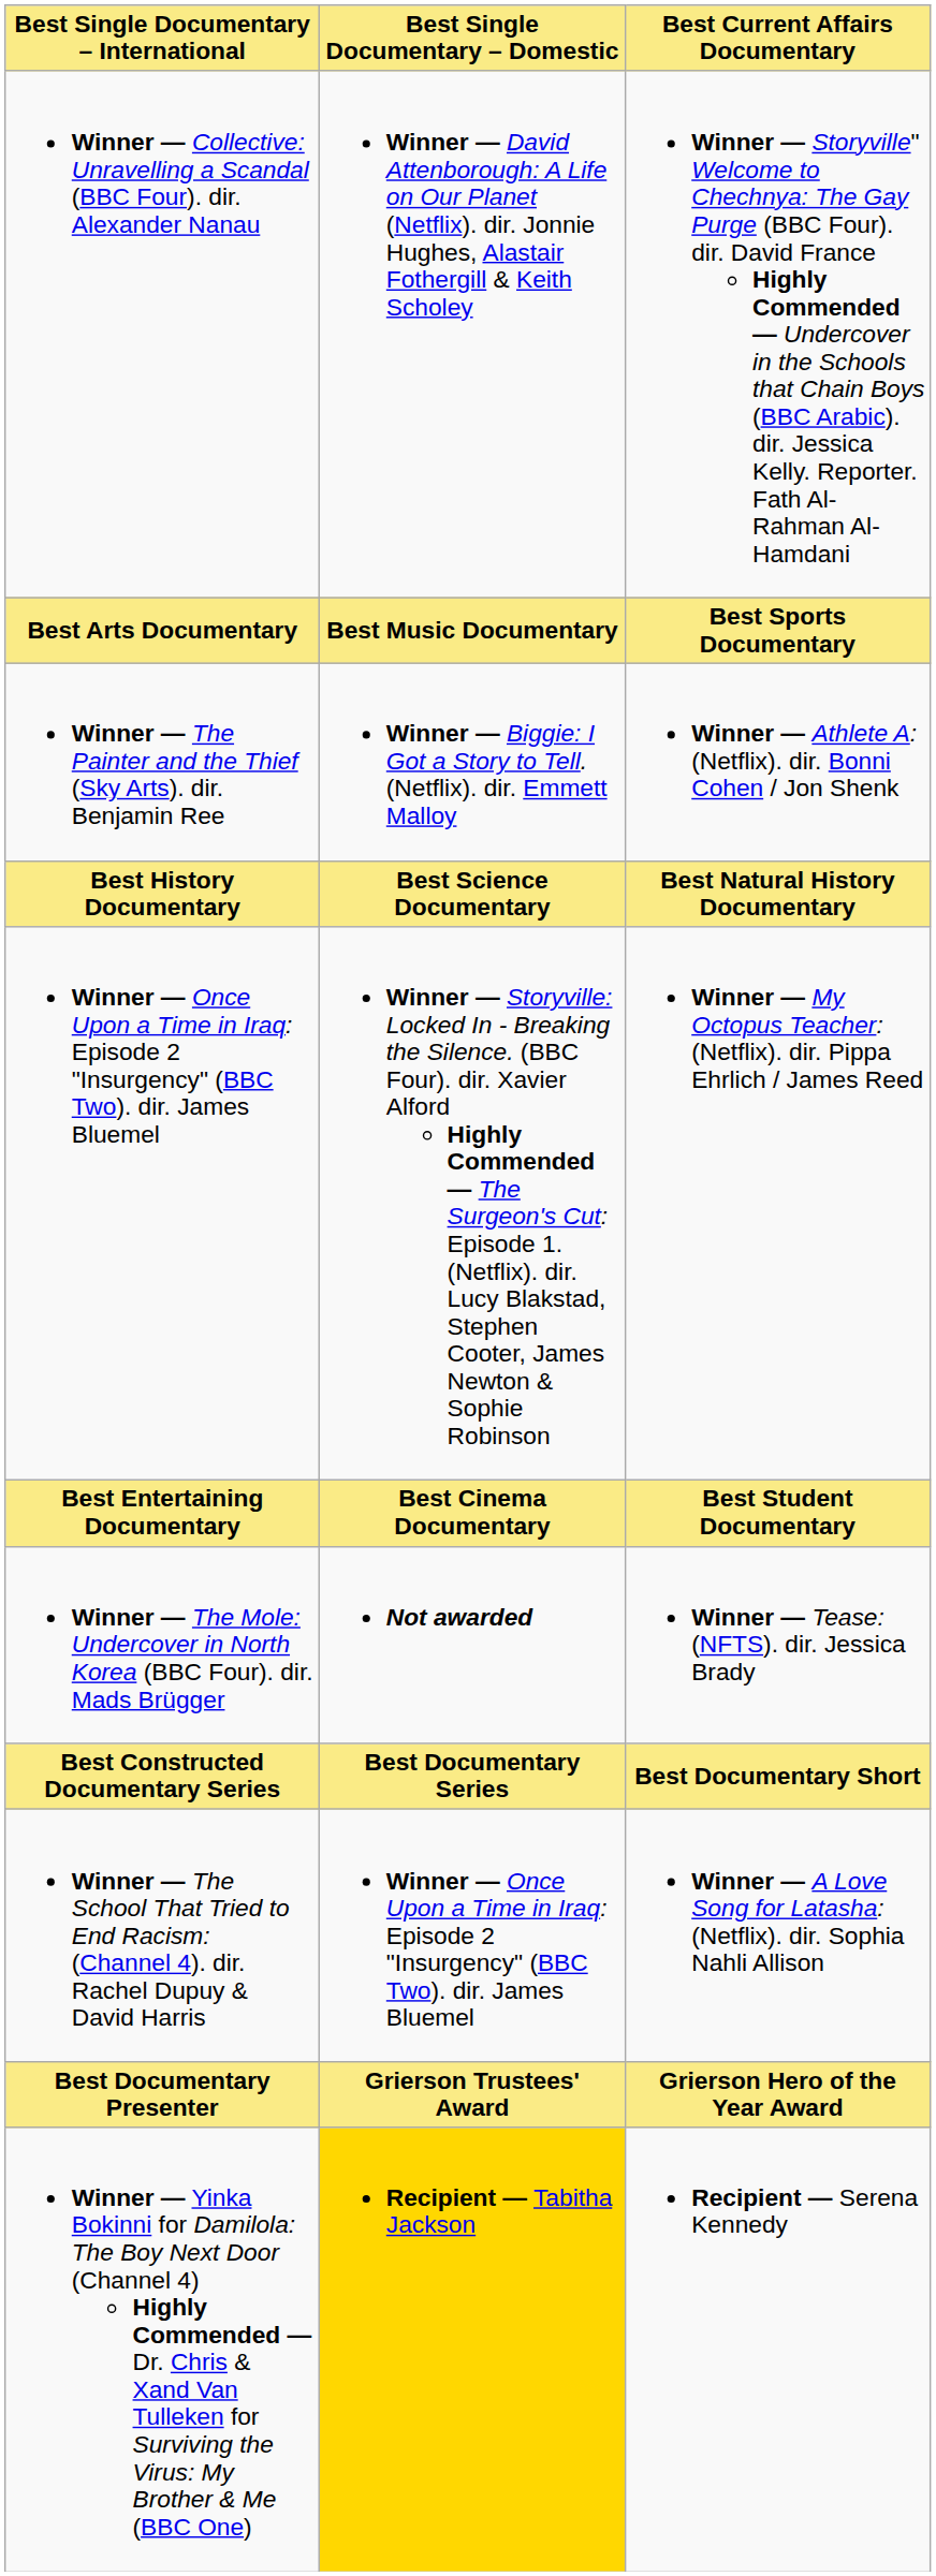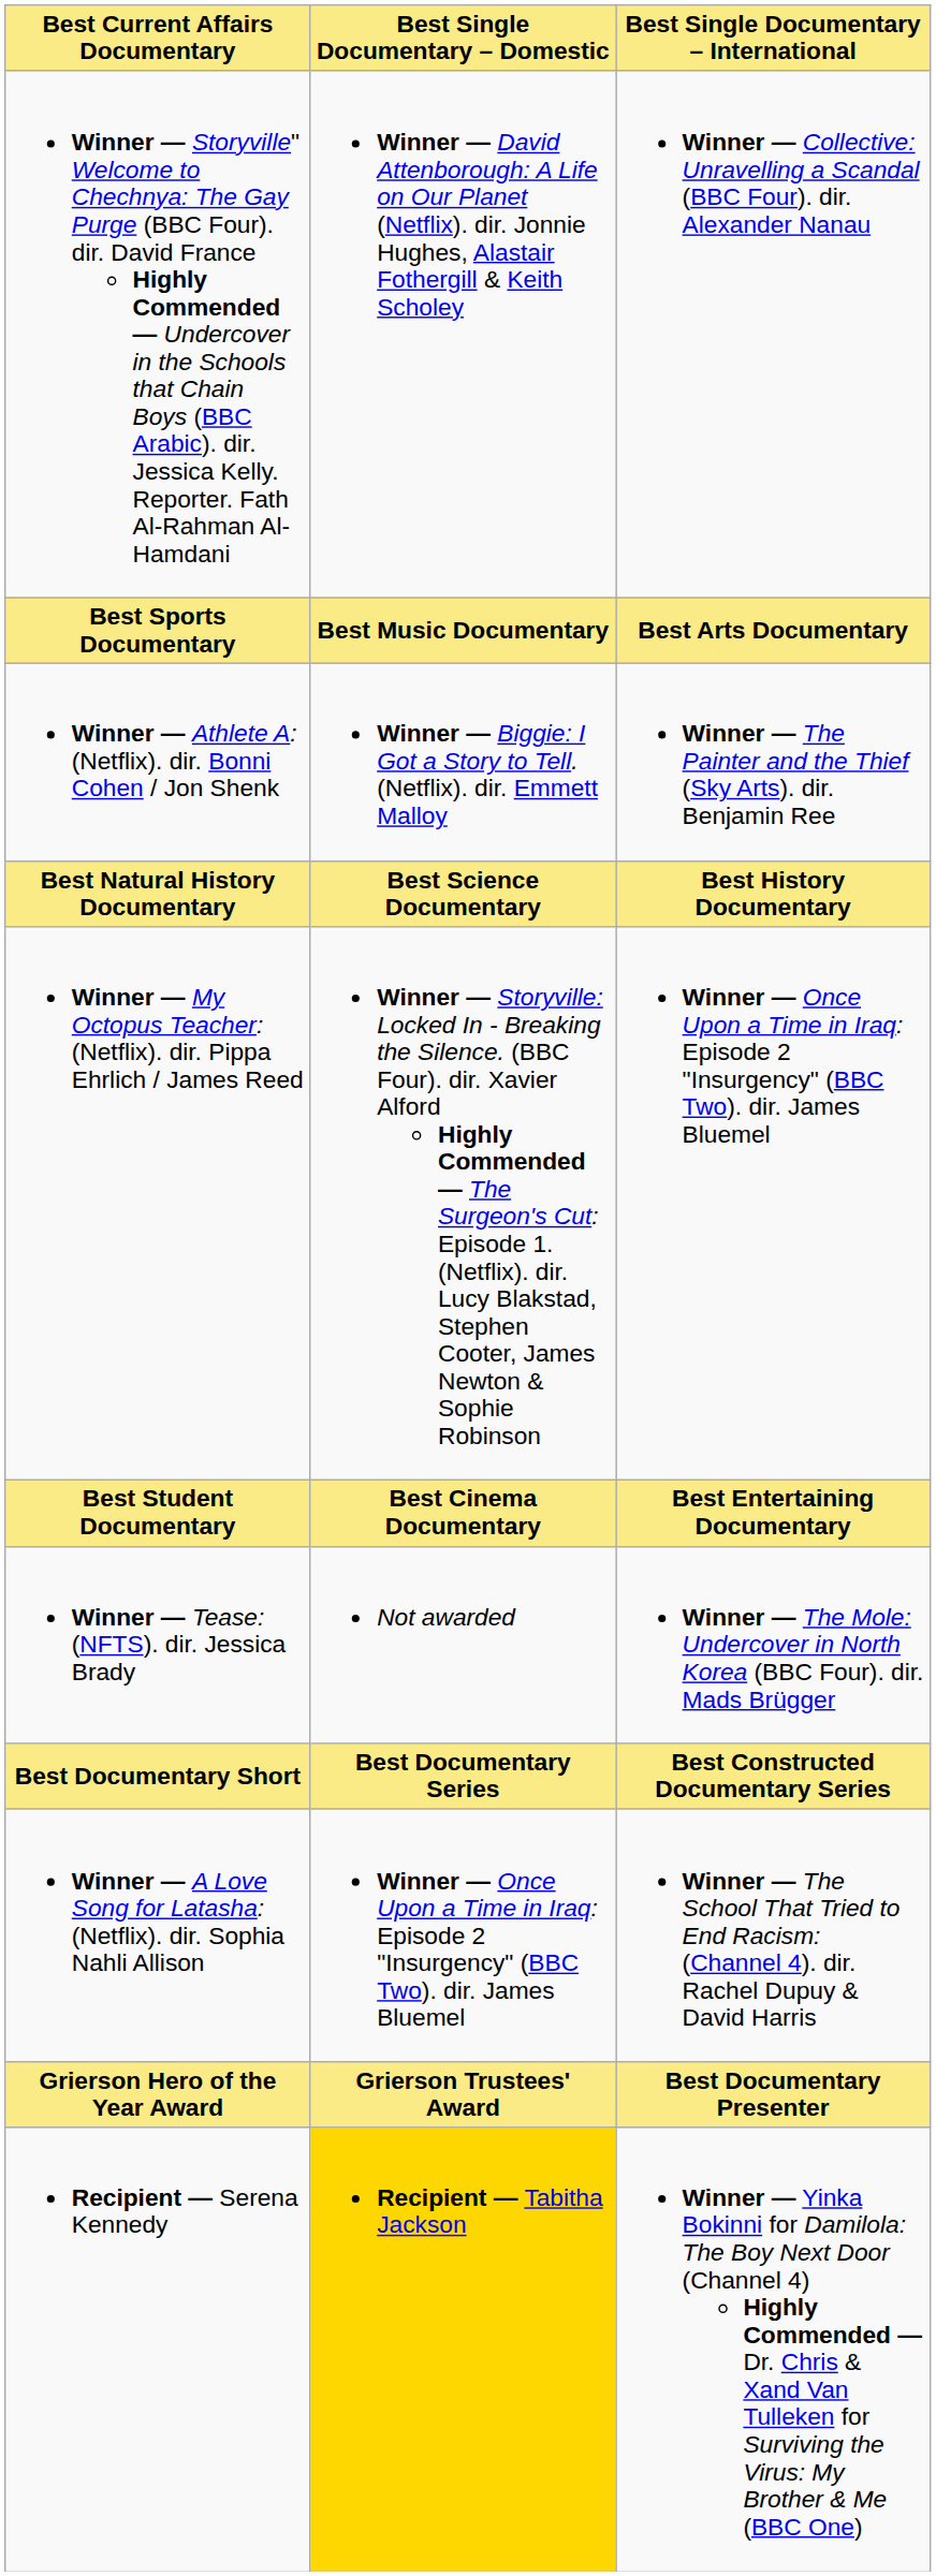 <table class="wikitable" style="font-size:100%">
 <tr>
+<th style="background:#FAEB86;" width="33%">Best Current Affairs Documentary</th>
+<th style="background:#FAEB86;" width="33%">Best Single Documentary – Domestic</th>
 <th style="background:#FAEB86;" width="34%">Best Single Documentary – International</th>
-<th style="background:#FAEB86;" width="33%">Best Single Documentary – Domestic</th>
-<th style="background:#FAEB86;" width="33%">Best Current Affairs Documentary</th>
 </tr>
 <tr>
+<td style="vertical-align:top"><br><ul><li><strong>Winner —</strong> <em><a href='#'>Storyville</a></em>" <em><a href='#'>Welcome to Chechnya: The Gay Purge</a></em> (BBC Four). dir. David France<ul><li><strong>Highly Commended —</strong> <em>Undercover in the Schools that Chain Boys</em> (<a href='#'>BBC Arabic</a>). dir. Jessica Kelly. Reporter. Fath Al-Rahman Al-Hamdani</li></ul></li></ul></td>
+<td style="vertical-align:top"><br><ul><li><strong>Winner —</strong> <em><a href='#'>David Attenborough: A Life on Our Planet</a></em> (<a href='#'>Netflix</a>). dir. Jonnie Hughes, <a href='#'>Alastair Fothergill</a> & <a href='#'>Keith Scholey</a></li></ul></td>
 <td style="vertical-align:top"><br><ul><li><strong>Winner —</strong> <em><a href='#'>Collective: Unravelling a Scandal</a></em> (<a href='#'>BBC Four</a>). dir. <a href='#'>Alexander Nanau</a></li></ul></td>
-<td style="vertical-align:top"><br><ul><li><strong>Winner —</strong> <em><a href='#'>David Attenborough: A Life on Our Planet</a></em> (<a href='#'>Netflix</a>). dir. Jonnie Hughes, <a href='#'>Alastair Fothergill</a> & <a href='#'>Keith Scholey</a></li></ul></td>
-<td style="vertical-align:top"><br><ul><li><strong>Winner —</strong> <em><a href='#'>Storyville</a></em>" <em><a href='#'>Welcome to Chechnya: The Gay Purge</a></em> (BBC Four). dir. David France<ul><li><strong>Highly Commended —</strong> <em>Undercover in the Schools that Chain Boys</em> (<a href='#'>BBC Arabic</a>). dir. Jessica Kelly. Reporter. Fath Al-Rahman Al-Hamdani</li></ul></li></ul></td>
 </tr>
 <tr>
+<th style="background:#FAEB86;" width="33%">Best Sports Documentary</th>
+<th style="background:#FAEB86;" width="33%">Best Music Documentary</th>
 <th style="background:#FAEB86;" width="34%">Best Arts Documentary</th>
-<th style="background:#FAEB86;" width="33%">Best Music Documentary</th>
-<th style="background:#FAEB86;" width="33%">Best Sports Documentary</th>
 </tr>
 <tr>
+<td style="vertical-align:top"><br><ul><li><strong>Winner —</strong> <em><a href='#'>Athlete A</a>:</em> (Netflix). dir. <a href='#'>Bonni Cohen</a> / Jon Shenk</li></ul></td>
+<td style="vertical-align:top"><br><ul><li><strong>Winner —</strong> <em><a href='#'>Biggie: I Got a Story to Tell</a>.</em> (Netflix). dir. <a href='#'>Emmett Malloy</a></li></ul></td>
 <td style="vertical-align:top"><br><ul><li><strong>Winner —</strong> <em><a href='#'>The Painter and the Thief</a></em> (<a href='#'>Sky Arts</a>). dir. Benjamin Ree</li></ul></td>
-<td style="vertical-align:top"><br><ul><li><strong>Winner —</strong> <em><a href='#'>Biggie: I Got a Story to Tell</a>.</em> (Netflix). dir. <a href='#'>Emmett Malloy</a></li></ul></td>
-<td style="vertical-align:top"><br><ul><li><strong>Winner —</strong> <em><a href='#'>Athlete A</a>:</em> (Netflix). dir. <a href='#'>Bonni Cohen</a> / Jon Shenk</li></ul></td>
 </tr>
 <tr>
+<th style="background:#FAEB86;" width="33%">Best Natural History Documentary</th>
+<th style="background:#FAEB86;" width="33%">Best Science Documentary</th>
 <th style="background:#FAEB86;" width="34%">Best History Documentary</th>
-<th style="background:#FAEB86;" width="33%">Best Science Documentary</th>
-<th style="background:#FAEB86;" width="33%">Best Natural History Documentary</th>
 </tr>
 <tr>
+<td style="vertical-align:top"><br><ul><li><strong>Winner —</strong> <em><a href='#'>My Octopus Teacher</a>:</em> (Netflix). dir. Pippa Ehrlich / James Reed</li></ul></td>
+<td style="vertical-align:top"><br><ul><li><strong>Winner —</strong>  <em><a href='#'>Storyville:</a></em> <em>Locked In - Breaking the Silence.</em> (BBC Four). dir. Xavier Alford<ul><li><strong>Highly Commended —</strong> <em><a href='#'>The Surgeon's Cut</a>:</em> Episode 1. (Netflix). dir. Lucy Blakstad, Stephen Cooter, James Newton & Sophie Robinson</li></ul></li></ul></td>
 <td style="vertical-align:top"><br><ul><li><strong>Winner —</strong> <em><a href='#'>Once Upon a Time in Iraq</a>:</em> Episode 2 "Insurgency" (<a href='#'>BBC Two</a>). dir. James Bluemel</li></ul></td>
-<td style="vertical-align:top"><br><ul><li><strong>Winner —</strong>  <em><a href='#'>Storyville:</a></em> <em>Locked In - Breaking the Silence.</em> (BBC Four). dir. Xavier Alford<ul><li><strong>Highly Commended —</strong> <em><a href='#'>The Surgeon's Cut</a>:</em> Episode 1. (Netflix). dir. Lucy Blakstad, Stephen Cooter, James Newton & Sophie Robinson</li></ul></li></ul></td>
-<td style="vertical-align:top"><br><ul><li><strong>Winner —</strong> <em><a href='#'>My Octopus Teacher</a>:</em> (Netflix). dir. Pippa Ehrlich / James Reed</li></ul></td>
 </tr>
 <tr>
+<th style="background:#FAEB86;" width="33%">Best Student Documentary</th>
+<th style="background:#FAEB86;" width="33%">Best Cinema Documentary</th>
 <th style="background:#FAEB86;" width="34%">Best Entertaining Documentary</th>
-<th style="background:#FAEB86;" width="33%">Best Cinema Documentary</th>
-<th style="background:#FAEB86;" width="33%">Best Student Documentary</th>
 </tr>
 <tr>
+<td style="vertical-align:top"><br><ul><li><strong>Winner —</strong> <em>Tease:</em> (<a href='#'>NFTS</a>). dir. Jessica Brady</li></ul></td>
+<td style="vertical-align:top"><br><ul><li><em>Not awarded</em></li></ul></td>
 <td style="vertical-align:top"><br><ul><li><strong>Winner —</strong> <em><a href='#'>The Mole: Undercover in North Korea</a></em> (BBC Four). dir. <a href='#'>Mads Brügger</a></li></ul></td>
-<td style="vertical-align:top"><strong><br><ul><li><em>Not awarded</em></li></ul></strong></td>
-<td style="vertical-align:top"><br><ul><li><strong>Winner —</strong> <em>Tease:</em> (<a href='#'>NFTS</a>). dir. Jessica Brady</li></ul></td>
 </tr>
 <tr>
+<th style="background:#FAEB86;" width="33%">Best Documentary Short</th>
+<th style="background:#FAEB86;" width="33%">Best Documentary Series</th>
 <th style="background:#FAEB86;" width="34%">Best Constructed Documentary Series</th>
-<th style="background:#FAEB86;" width="33%">Best Documentary Series</th>
-<th style="background:#FAEB86;" width="33%">Best Documentary Short</th>
 </tr>
 <tr>
+<td style="vertical-align:top"><br><ul><li><strong>Winner —</strong> <em><a href='#'>A Love Song for Latasha</a>:</em> (Netflix). dir. Sophia Nahli Allison</li></ul></td>
+<td style="vertical-align:top"><br><ul><li><strong>Winner —</strong> <em><a href='#'>Once Upon a Time in Iraq</a>:</em> Episode 2 "Insurgency" (<a href='#'>BBC Two</a>). dir. James Bluemel</li></ul></td>
 <td style="vertical-align:top"><br><ul><li><strong>Winner —</strong> <em>The School That Tried to End Racism:</em> (<a href='#'>Channel 4</a>). dir. Rachel Dupuy & David Harris</li></ul></td>
-<td style="vertical-align:top"><br><ul><li><strong>Winner —</strong> <em><a href='#'>Once Upon a Time in Iraq</a>:</em> Episode 2 "Insurgency" (<a href='#'>BBC Two</a>). dir. James Bluemel</li></ul></td>
-<td style="vertical-align:top"><br><ul><li><strong>Winner —</strong> <em><a href='#'>A Love Song for Latasha</a>:</em> (Netflix). dir. Sophia Nahli Allison</li></ul></td>
 </tr>
 <tr>
+<th style="background:#FAEB86;" width="33%">Grierson Hero of the Year Award</th>
+<th style="background:#FAEB86;" width="33%">Grierson Trustees' Award</th>
 <th style="background:#FAEB86;" width="34%">Best Documentary Presenter</th>
-<th style="background:#FAEB86;" width="33%">Grierson Trustees' Award</th>
-<th style="background:#FAEB86;" width="33%">Grierson Hero of the Year Award</th>
 </tr>
 <tr>
+<td style="vertical-align:top"><br><ul><li><strong>Recipient —</strong> Serena Kennedy</li></ul></td>
+<td style="background: gold; vertical-align:top"><br><ul><li><strong>Recipient —</strong> <a href='#'>Tabitha Jackson</a></li></ul></td>
 <td style="vertical-align:top"><br><ul><li><strong>Winner —</strong> <a href='#'>Yinka Bokinni</a> for <em>Damilola: The Boy Next Door</em> (Channel 4)<ul><li><strong>Highly Commended —</strong> Dr. <a href='#'>Chris</a> &  <a href='#'>Xand Van Tulleken</a> for <em>Surviving the Virus: My Brother & Me</em> (<a href='#'>BBC One</a>)</li></ul></li></ul></td>
-<td style="background: gold; vertical-align:top"><br><ul><li><strong>Recipient —</strong> <a href='#'>Tabitha Jackson</a></li></ul></td>
-<td style="vertical-align:top"><br><ul><li><strong>Recipient —</strong> Serena Kennedy</li></ul></td>
 </tr>
 </table>
